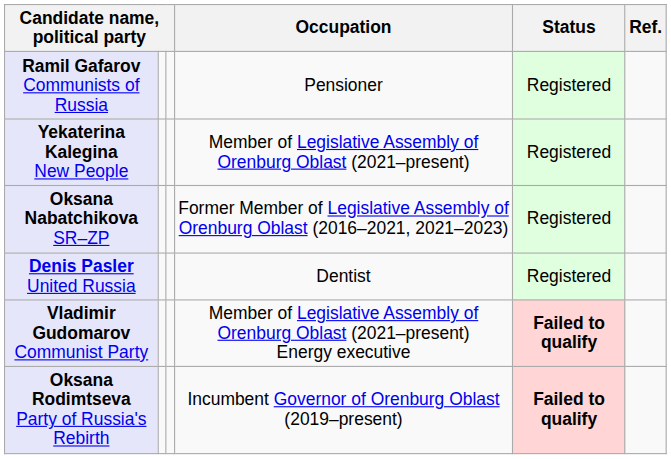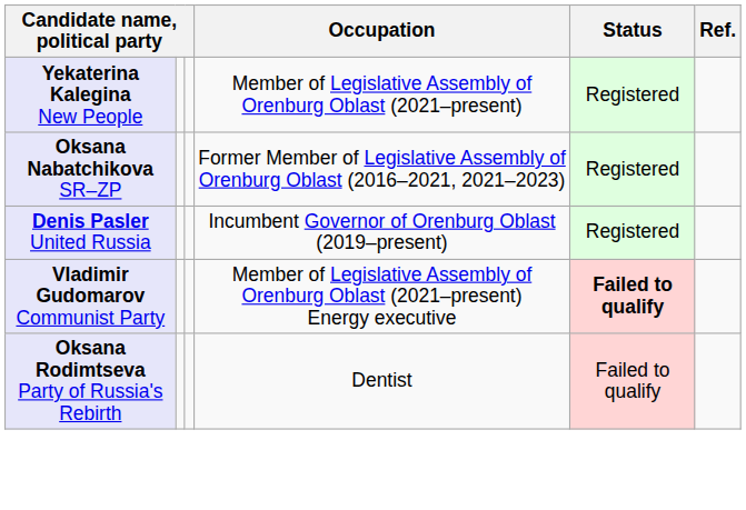 <table class="wikitable" style="text-align:center;">
 <tr>
 <th colspan="3">Candidate name,<br>political party</th>
 <th>Occupation</th>
 <th>Status</th>
 <th>Ref.</th>
-</tr>
-<tr>
-<td style="background:lavender;"><strong>Ramil Gafarov</strong><br><a href='#'>Communists of Russia</a></td>
-<td style="background-color:"></td>
-<td></td>
-<td>Pensioner</td>
-<td bgcolor="#DFFFDF">Registered</td>
-<td></td>
 </tr>
 <tr>
 <td style="background:lavender;"><strong>Yekaterina Kalegina</strong><br><a href='#'>New People</a></td>
 <td style="background-color:"></td>
 <td></td>
 <td>Member of <a href='#'>Legislative Assembly of Orenburg Oblast</a> (2021–present)</td>
 <td bgcolor="#DFFFDF">Registered</td>
 <td></td>
 </tr>
 <tr>
 <td style="background:lavender;"><strong>Oksana Nabatchikova</strong><br><a href='#'>SR–ZP</a></td>
 <td style="background-color:"></td>
 <td></td>
 <td>Former Member of <a href='#'>Legislative Assembly of Orenburg Oblast</a> (2016–2021, 2021–2023)</td>
 <td bgcolor="#DFFFDF">Registered</td>
 <td></td>
 </tr>
 <tr>
 <td style="background:lavender;"><strong><a href='#'>Denis Pasler</a></strong><br><a href='#'>United Russia</a></td>
 <td style="background-color:"></td>
 <td></td>
-<td>Dentist</td>
+<td>Incumbent <a href='#'>Governor of Orenburg Oblast</a> (2019–present)</td>
 <td bgcolor="#DFFFDF">Registered</td>
 <td></td>
 </tr>
 <tr>
 <td style="background:lavender;"><strong>Vladimir Gudomarov</strong><br><a href='#'>Communist Party</a></td>
 <td style="background-color:"></td>
 <td></td>
 <td>Member of <a href='#'>Legislative Assembly of Orenburg Oblast</a> (2021–present)<br>Energy executive</td>
 <td bgcolor="#FFD5D5"><strong>Failed to qualify</strong></td>
 <td><br></td>
 </tr>
 <tr>
 <td style="background:lavender;"><strong>Oksana Rodimtseva</strong><br><a href='#'>Party of Russia's Rebirth</a></td>
 <td style="background-color:"></td>
 <td></td>
-<td>Incumbent <a href='#'>Governor of Orenburg Oblast</a> (2019–present)</td>
-<td bgcolor="#FFD5D5"><strong>Failed to qualify</strong></td>
+<td>Dentist</td>
+<td bgcolor="#FFD5D5">Failed to qualify</td>
 <td></td>
 </tr>
 </table>
